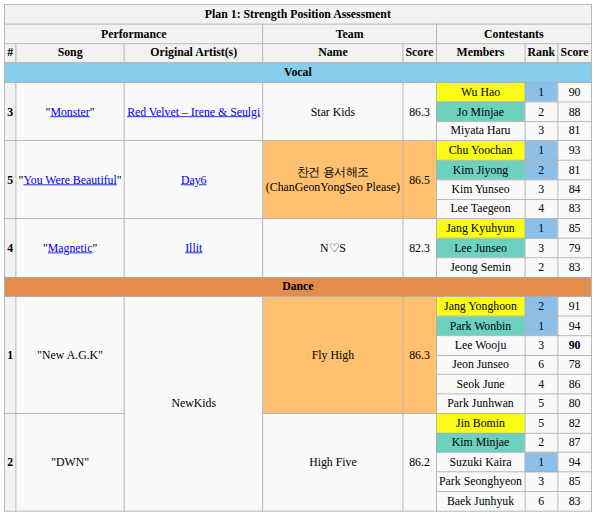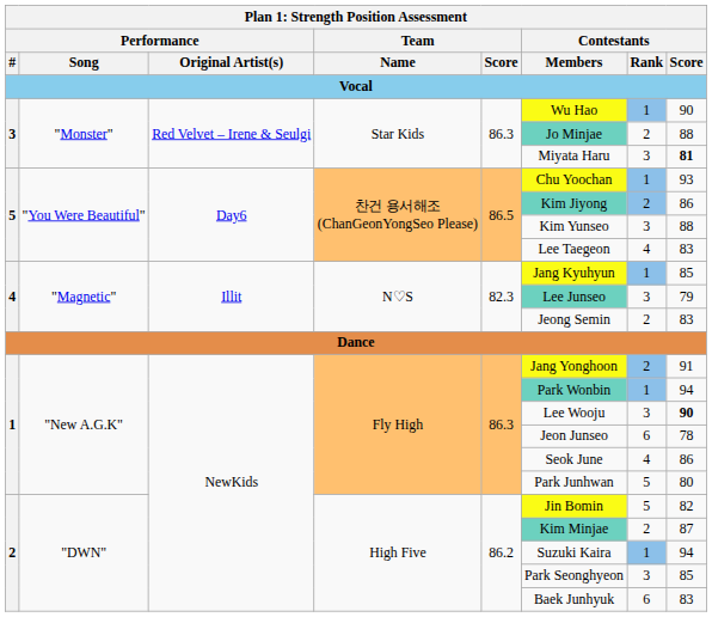 <table class="wikitable sortable mw-collapsible mw-collapsed" style="font-size:90%; text-align:center; ">
 <tr>
 <th colspan="10">Plan 1: Strength Position Assessment</th>
 </tr>
 <tr>
 <th colspan="3">Performance</th>
 <th colspan="2">Team</th>
 <th colspan="3">Contestants</th>
 </tr>
 <tr>
 <th>#</th>
 <th>Song</th>
 <th>Original Artist(s)</th>
 <th>Name</th>
 <th>Score</th>
 <th>Members</th>
 <th>Rank</th>
 <th>Score</th>
 </tr>
 <tr>
 <th colspan="8" style="background:#87cdec">Vocal</th>
 </tr>
 <tr>
 <th rowspan="3">3</th>
 <td rowspan="3">"<a href='#'>Monster</a>"</td>
 <td rowspan="3"><a href='#'>Red Velvet – Irene & Seulgi</a></td>
 <td rowspan="3">Star Kids</td>
 <td rowspan="3">86.3</td>
 <td style="background:#fafc15">Wu Hao</td>
 <td style="background:#8cc0e9">1</td>
 <td>90</td>
 </tr>
 <tr>
 <td style="background:#6CD1BF">Jo Minjae</td>
 <td>2</td>
 <td>88</td>
 </tr>
 <tr>
 <td>Miyata Haru</td>
 <td>3</td>
-<td>81</td>
+<td><strong>81</strong></td>
 </tr>
 <tr>
 <th rowspan="4">5</th>
 <td rowspan="4">"<a href='#'>You Were Beautiful</a>"</td>
 <td rowspan="4"><a href='#'>Day6</a></td>
 <td rowspan="4" style="background:#FFC06F">찬건 용서해조<br>(ChanGeonYongSeo Please)</td>
 <td rowspan="4" style="background:#FFC06F">86.5</td>
 <td style="background:#fafc15">Chu Yoochan</td>
 <td style="background:#8cc0e9">1</td>
 <td>93</td>
 </tr>
 <tr>
 <td style="background:#6CD1BF">Kim Jiyong</td>
 <td style="background:#8cc0e9">2</td>
-<td>81</td>
+<td>86</td>
 </tr>
 <tr>
 <td>Kim Yunseo</td>
 <td>3</td>
-<td>84</td>
+<td>88</td>
 </tr>
 <tr>
 <td>Lee Taegeon</td>
 <td>4</td>
 <td>83</td>
 </tr>
 <tr>
 <th rowspan="3">4</th>
 <td rowspan="3">"<a href='#'>Magnetic</a>"</td>
 <td rowspan="3"><a href='#'>Illit</a></td>
 <td rowspan="3">N♡S</td>
 <td rowspan="3">82.3</td>
 <td style="background:#fafc15">Jang Kyuhyun</td>
 <td style="background:#8cc0e9">1</td>
 <td>85</td>
 </tr>
 <tr>
 <td style="background:#6CD1BF">Lee Junseo</td>
 <td>3</td>
 <td>79</td>
 </tr>
 <tr>
 <td>Jeong Semin</td>
 <td>2</td>
 <td>83</td>
 </tr>
 <tr>
 <th colspan="8" style="background:#e48d4a">Dance</th>
 </tr>
 <tr>
 <th rowspan="6">1</th>
 <td rowspan="6">"New A.G.K"</td>
 <td rowspan="11">NewKids</td>
 <td rowspan="6" style="background:#FFC06F">Fly High</td>
 <td rowspan="6" style="background:#FFC06F">86.3</td>
 <td style="background:#fafc15">Jang Yonghoon</td>
 <td style="background:#8cc0e9">2</td>
 <td>91</td>
 </tr>
 <tr>
 <td style="background:#6CD1BF">Park Wonbin</td>
 <td style="background:#8cc0e9">1</td>
 <td>94</td>
 </tr>
 <tr>
 <td>Lee Wooju</td>
 <td>3</td>
 <td><strong>90</strong></td>
 </tr>
 <tr>
 <td>Jeon Junseo</td>
 <td>6</td>
 <td>78</td>
 </tr>
 <tr>
 <td>Seok June</td>
 <td>4</td>
 <td>86</td>
 </tr>
 <tr>
 <td>Park Junhwan</td>
 <td>5</td>
 <td>80</td>
 </tr>
 <tr>
 <th rowspan="5">2</th>
 <td rowspan="5">"DWN"</td>
 <td rowspan="5">High Five</td>
 <td rowspan="5">86.2</td>
 <td style="background:#fafc15">Jin Bomin</td>
 <td>5</td>
 <td>82</td>
 </tr>
 <tr>
 <td style="background:#6CD1BF">Kim Minjae</td>
 <td>2</td>
 <td>87</td>
 </tr>
 <tr>
 <td>Suzuki Kaira</td>
 <td style="background:#8cc0e9">1</td>
 <td>94</td>
 </tr>
 <tr>
 <td>Park Seonghyeon</td>
 <td>3</td>
 <td>85</td>
 </tr>
 <tr>
 <td>Baek Junhyuk</td>
 <td>6</td>
 <td>83</td>
 </tr>
 </table>
